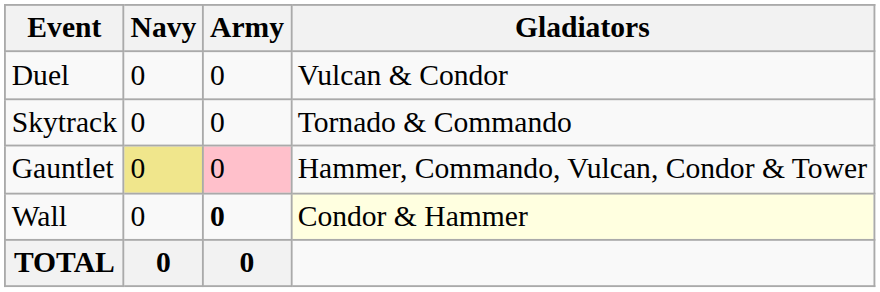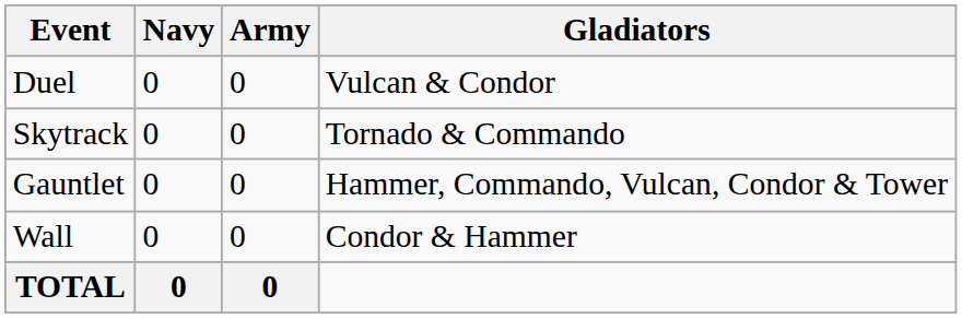 <table class="wikitable">
 <tr>
 <th>Event</th>
 <th>Navy</th>
 <th>Army</th>
 <th>Gladiators</th>
 </tr>
 <tr>
 <td>Duel</td>
 <td>0</td>
 <td>0</td>
 <td>Vulcan & Condor</td>
 </tr>
 <tr>
 <td>Skytrack</td>
 <td>0</td>
 <td>0</td>
 <td>Tornado & Commando</td>
 </tr>
 <tr>
 <td>Gauntlet</td>
-<td style="background: khaki;">0</td>
-<td style="background: pink;">0</td>
+<td>0</td>
+<td>0</td>
 <td>Hammer, Commando, Vulcan, Condor & Tower</td>
 </tr>
 <tr>
 <td>Wall</td>
 <td>0</td>
-<td><strong>0</strong></td>
-<td style="background: lightyellow;">Condor & Hammer</td>
+<td>0</td>
+<td>Condor & Hammer</td>
 </tr>
 <tr>
 <th>TOTAL</th>
 <th>0</th>
 <th>0</th>
 </tr>
 </table>
